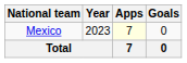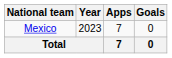 <table class="wikitable" style="text-align: center;">
 <tr>
 <th>National team</th>
 <th>Year</th>
 <th>Apps</th>
 <th>Goals</th>
 </tr>
 <tr>
 <td rowspan="1" valign="center"><a href='#'>Mexico</a></td>
 <td>2023</td>
-<td style="background: lightyellow;">7</td>
+<td>7</td>
 <td>0</td>
 </tr>
 <tr>
 <th colspan="2">Total</th>
 <th>7</th>
 <th>0</th>
 </tr>
 </table>
